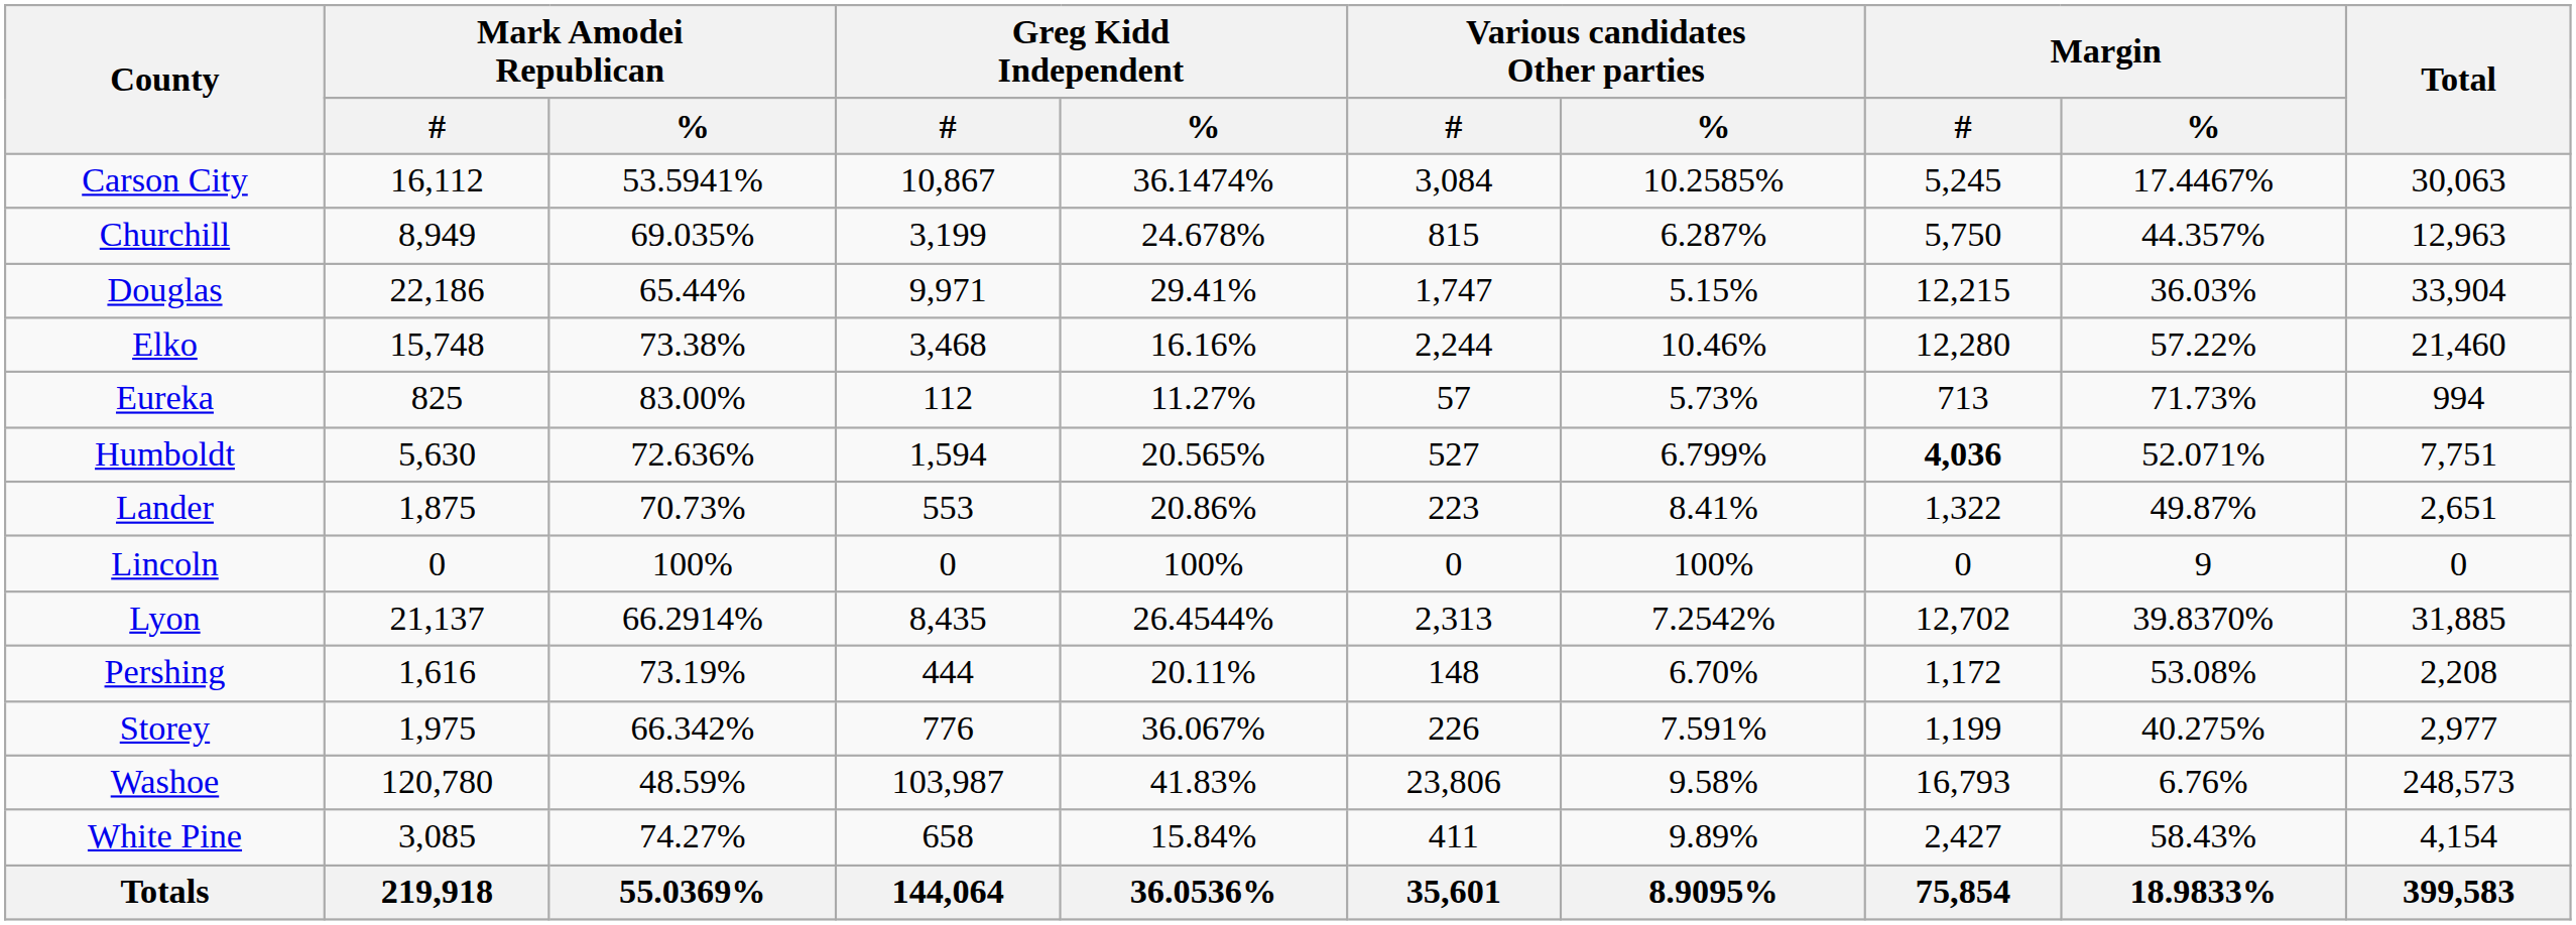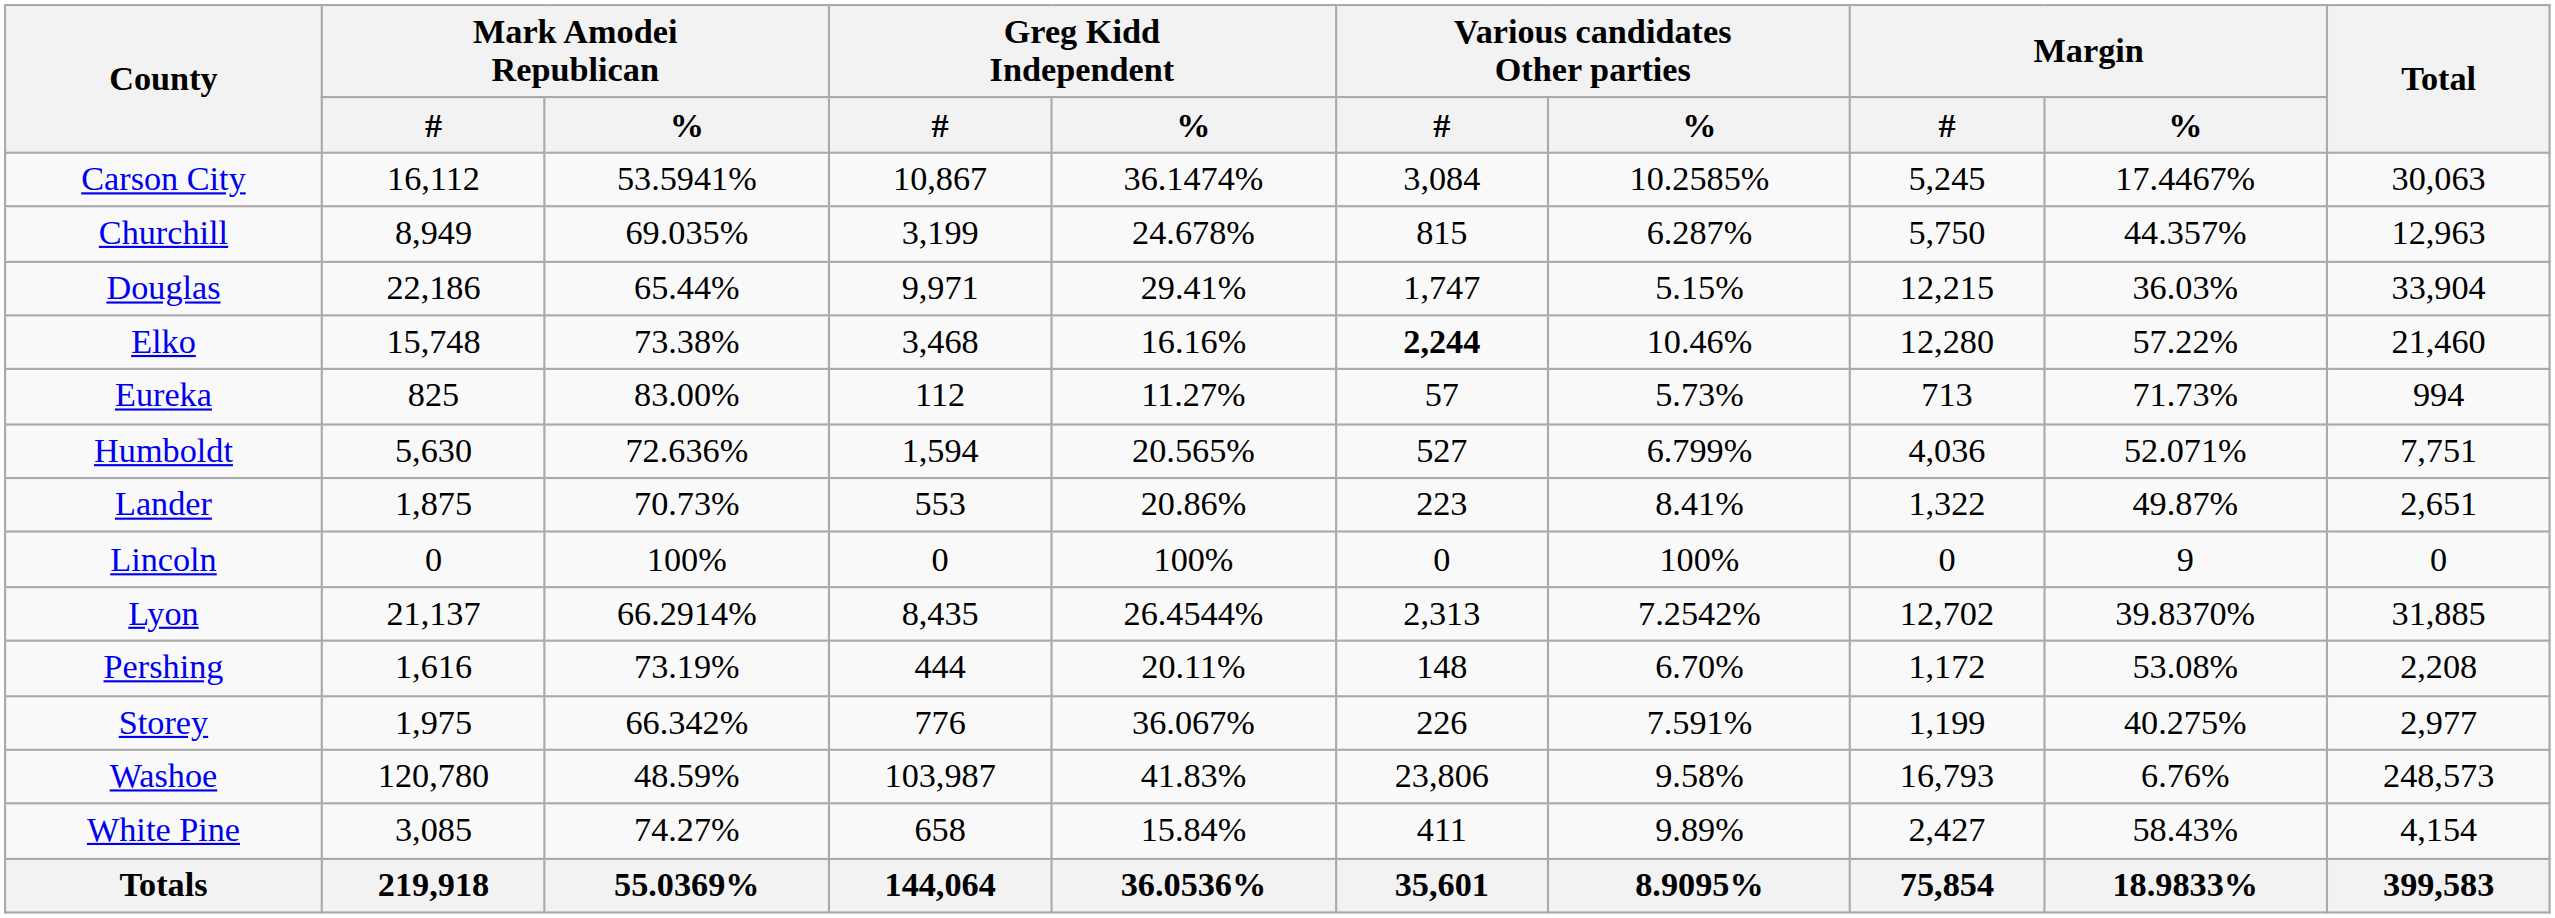 <table width="60%"  class="wikitable sortable" style="text-align:center">
 <tr>
 <th rowspan="2">County</th>
 <th style="text-align:center;" colspan="2">Mark Amodei<br>Republican</th>
 <th style="text-align:center;" colspan="2">Greg Kidd<br>Independent</th>
 <th style="text-align:center;" colspan="2">Various candidates<br>Other parties</th>
 <th style="text-align:center;" colspan="2">Margin</th>
 <th style="text-align:center;" rowspan="2">Total</th>
 </tr>
 <tr>
 <th style="text-align:center;" data-sort-type="number">#</th>
 <th style="text-align:center;" data-sort-type="number">%</th>
 <th style="text-align:center;" data-sort-type="number">#</th>
 <th style="text-align:center;" data-sort-type="number">%</th>
 <th style="text-align:center;" data-sort-type="number">#</th>
 <th style="text-align:center;" data-sort-type="number">%</th>
 <th style="text-align:center;" data-sort-type="number">#</th>
 <th style="text-align:center;" data-sort-type="number">%</th>
 </tr>
 <tr style="text-align:center;">
 <td><a href='#'>Carson City</a></td>
 <td>16,112</td>
 <td>53.5941%</td>
 <td>10,867</td>
 <td>36.1474%</td>
 <td>3,084</td>
 <td>10.2585%</td>
 <td>5,245</td>
 <td>17.4467%</td>
 <td>30,063</td>
 </tr>
 <tr style="text-align:center;">
 <td><a href='#'>Churchill</a></td>
 <td>8,949</td>
 <td>69.035%</td>
 <td>3,199</td>
 <td>24.678%</td>
 <td>815</td>
 <td>6.287%</td>
 <td>5,750</td>
 <td>44.357%</td>
 <td>12,963</td>
 </tr>
 <tr style="text-align:center;">
 <td><a href='#'>Douglas</a></td>
 <td>22,186</td>
 <td>65.44%</td>
 <td>9,971</td>
 <td>29.41%</td>
 <td>1,747</td>
 <td>5.15%</td>
 <td>12,215</td>
 <td>36.03%</td>
 <td>33,904</td>
 </tr>
 <tr style="text-align:center;">
 <td><a href='#'>Elko</a></td>
 <td>15,748</td>
 <td>73.38%</td>
 <td>3,468</td>
 <td>16.16%</td>
-<td>2,244</td>
+<td><strong>2,244</strong></td>
 <td>10.46%</td>
 <td>12,280</td>
 <td>57.22%</td>
 <td>21,460</td>
 </tr>
 <tr style="text-align:center;">
 <td><a href='#'>Eureka</a></td>
 <td>825</td>
 <td>83.00%</td>
 <td>112</td>
 <td>11.27%</td>
 <td>57</td>
 <td>5.73%</td>
 <td>713</td>
 <td>71.73%</td>
 <td>994</td>
 </tr>
 <tr style="text-align:center;">
 <td><a href='#'>Humboldt</a></td>
 <td>5,630</td>
 <td>72.636%</td>
 <td>1,594</td>
 <td>20.565%</td>
 <td>527</td>
 <td>6.799%</td>
-<td><strong>4,036</strong></td>
+<td>4,036</td>
 <td>52.071%</td>
 <td>7,751</td>
 </tr>
 <tr style="text-align:center;">
 <td><a href='#'>Lander</a></td>
 <td>1,875</td>
 <td>70.73%</td>
 <td>553</td>
 <td>20.86%</td>
 <td>223</td>
 <td>8.41%</td>
 <td>1,322</td>
 <td>49.87%</td>
 <td>2,651</td>
 </tr>
 <tr style="text-align:center;">
 <td><a href='#'>Lincoln</a></td>
 <td>0</td>
 <td>100%</td>
 <td>0</td>
 <td>100%</td>
 <td>0</td>
 <td>100%</td>
 <td>0</td>
 <td>9</td>
 <td>0</td>
 </tr>
 <tr style="text-align:center;">
 <td><a href='#'>Lyon</a></td>
 <td>21,137</td>
 <td>66.2914%</td>
 <td>8,435</td>
 <td>26.4544%</td>
 <td>2,313</td>
 <td>7.2542%</td>
 <td>12,702</td>
 <td>39.8370%</td>
 <td>31,885</td>
 </tr>
 <tr style="text-align:center;">
 <td><a href='#'>Pershing</a></td>
 <td>1,616</td>
 <td>73.19%</td>
 <td>444</td>
 <td>20.11%</td>
 <td>148</td>
 <td>6.70%</td>
 <td>1,172</td>
 <td>53.08%</td>
 <td>2,208</td>
 </tr>
 <tr style="text-align:center;">
 <td><a href='#'>Storey</a></td>
 <td>1,975</td>
 <td>66.342%</td>
 <td>776</td>
 <td>36.067%</td>
 <td>226</td>
 <td>7.591%</td>
 <td>1,199</td>
 <td>40.275%</td>
 <td>2,977</td>
 </tr>
 <tr style="text-align:center;">
 <td><a href='#'>Washoe</a></td>
 <td>120,780</td>
 <td>48.59%</td>
 <td>103,987</td>
 <td>41.83%</td>
 <td>23,806</td>
 <td>9.58%</td>
 <td>16,793</td>
 <td>6.76%</td>
 <td>248,573</td>
 </tr>
 <tr style="text-align:center;">
 <td><a href='#'>White Pine</a></td>
 <td>3,085</td>
 <td>74.27%</td>
 <td>658</td>
 <td>15.84%</td>
 <td>411</td>
 <td>9.89%</td>
 <td>2,427</td>
 <td>58.43%</td>
 <td>4,154</td>
 </tr>
 <tr style="text-align:center;">
 <th>Totals</th>
 <th>219,918</th>
 <th>55.0369%</th>
 <th>144,064</th>
 <th>36.0536%</th>
 <th>35,601</th>
 <th>8.9095%</th>
 <th>75,854</th>
 <th>18.9833%</th>
 <th>399,583</th>
 </tr>
 </table>
